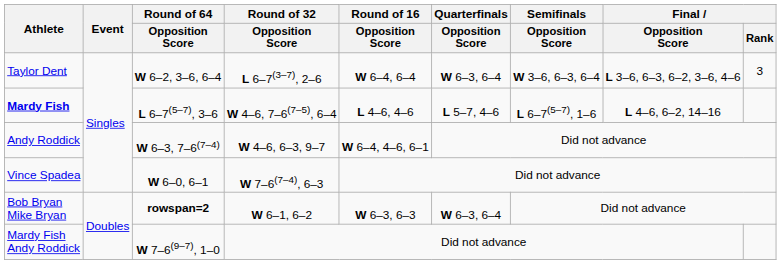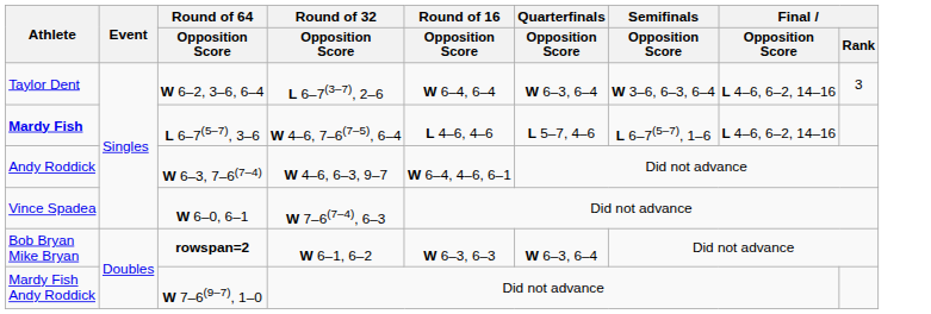 <table class=wikitable style=font-size:90%;text-align:center>
 <tr>
 <th rowspan=2>Athlete</th>
 <th rowspan=2>Event</th>
 <th>Round of 64</th>
 <th>Round of 32</th>
 <th>Round of 16</th>
 <th>Quarterfinals</th>
 <th>Semifinals</th>
 <th colspan=2>Final / </th>
 </tr>
 <tr style=font-size:95%>
 <th>Opposition<br>Score</th>
 <th>Opposition<br>Score</th>
 <th>Opposition<br>Score</th>
 <th>Opposition<br>Score</th>
 <th>Opposition<br>Score</th>
 <th>Opposition<br>Score</th>
 <th>Rank</th>
 </tr>
 <tr>
 <td align=left><a href='#'>Taylor Dent</a></td>
 <td align=left rowspan=4><a href='#'>Singles</a></td>
 <td><br><strong>W</strong> 6–2, 3–6, 6–4</td>
 <td><br><strong>L</strong> 6–7<sup>(3–7)</sup>, 2–6</td>
 <td><br><strong>W</strong> 6–4, 6–4</td>
 <td><br><strong>W</strong> 6–3, 6–4</td>
 <td><br><strong>W</strong> 3–6, 6–3, 6–4</td>
-<td><br><strong>L</strong> 3–6, 6–3, 6–2, 3–6, 4–6</td>
+<td><br><strong>L</strong> 4–6, 6–2, 14–16</td>
 <td>3</td>
 </tr>
 <tr>
 <td align=left><strong><a href='#'>Mardy Fish</a></strong></td>
 <td><br><strong>L</strong> 6–7<sup>(5–7)</sup>, 3–6</td>
 <td><br><strong>W</strong> 4–6, 7–6<sup>(7–5)</sup>, 6–4</td>
 <td><br><strong>L</strong> 4–6, 4–6</td>
 <td><br><strong>L</strong> 5–7, 4–6</td>
 <td><br><strong>L</strong> 6–7<sup>(5–7)</sup>, 1–6</td>
 <td><br><strong>L</strong> 4–6, 6–2, 14–16</td>
 <td></td>
 </tr>
 <tr>
 <td align=left><a href='#'>Andy Roddick</a></td>
 <td><br><strong>W</strong> 6–3, 7–6<sup>(7–4)</sup></td>
 <td><br><strong>W</strong> 4–6, 6–3, 9–7</td>
 <td><br><strong>W</strong> 6–4, 4–6, 6–1</td>
 <td colspan=4>Did not advance</td>
 </tr>
 <tr>
 <td align=left><a href='#'>Vince Spadea</a></td>
 <td><br><strong>W</strong> 6–0, 6–1</td>
 <td><br><strong>W</strong> 7–6<sup>(7–4)</sup>, 6–3</td>
 <td colspan=5>Did not advance</td>
 </tr>
 <tr>
 <td align=left><a href='#'>Bob Bryan</a><br><a href='#'>Mike Bryan</a></td>
 <td align=left rowspan=2><a href='#'>Doubles</a></td>
 <td><strong>rowspan=2 </strong></td>
 <td><br><strong>W</strong> 6–1, 6–2</td>
 <td><br><strong>W</strong> 6–3, 6–3</td>
 <td><br><strong>W</strong> 6–3, 6–4</td>
 <td colspan=3>Did not advance</td>
 </tr>
 <tr>
 <td align=left><a href='#'>Mardy Fish</a><br><a href='#'>Andy Roddick</a></td>
 <td><br><strong>W</strong> 7–6<sup>(9–7)</sup>, 1–0 </td>
 <td colspan=5>Did not advance</td>
 </tr>
 </table>
